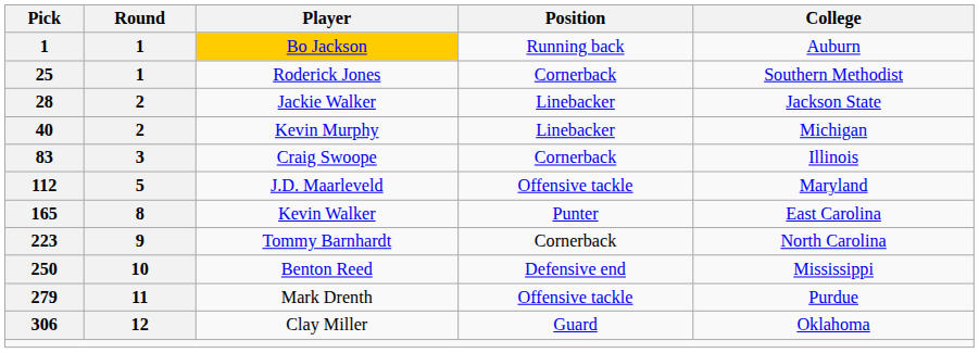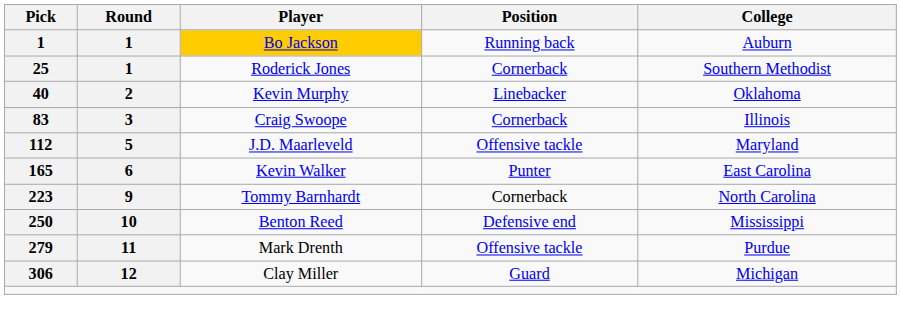 <table class="wikitable sortable" style="width: 100%; text-align:center;">
 <tr>
 <th>Pick</th>
 <th>Round</th>
 <th>Player</th>
 <th>Position</th>
 <th>College</th>
 </tr>
 <tr align=center>
 <th>1</th>
 <th>1</th>
 <td bgcolor="#FFCC00"><a href='#'>Bo Jackson</a></td>
 <td><a href='#'>Running back</a></td>
 <td><a href='#'>Auburn</a></td>
 </tr>
 <tr>
 <th>25</th>
 <th>1</th>
 <td><a href='#'>Roderick Jones</a></td>
 <td><a href='#'>Cornerback</a></td>
 <td><a href='#'>Southern Methodist</a></td>
 </tr>
 <tr>
-<th>28</th>
-<th>2</th>
-<td><a href='#'>Jackie Walker</a></td>
-<td><a href='#'>Linebacker</a></td>
-<td><a href='#'>Jackson State</a></td>
-</tr>
-<tr>
 <th>40</th>
 <th>2</th>
 <td><a href='#'>Kevin Murphy</a></td>
 <td><a href='#'>Linebacker</a></td>
-<td><a href='#'>Michigan</a></td>
+<td><a href='#'>Oklahoma</a></td>
 </tr>
 <tr>
 <th>83</th>
 <th>3</th>
 <td><a href='#'>Craig Swoope</a></td>
 <td><a href='#'>Cornerback</a></td>
 <td><a href='#'>Illinois</a></td>
 </tr>
 <tr>
 <th>112</th>
 <th>5</th>
 <td><a href='#'>J.D. Maarleveld</a></td>
 <td><a href='#'>Offensive tackle</a></td>
 <td><a href='#'>Maryland</a></td>
 </tr>
 <tr>
 <th>165</th>
-<th>8</th>
+<th>6</th>
 <td><a href='#'>Kevin Walker</a></td>
 <td><a href='#'>Punter</a></td>
 <td><a href='#'>East Carolina</a></td>
 </tr>
 <tr align=center>
 <th>223</th>
 <th>9</th>
 <td><a href='#'>Tommy Barnhardt</a></td>
 <td>Cornerback</td>
 <td><a href='#'>North Carolina</a></td>
 </tr>
 <tr align=center>
 <th>250</th>
 <th>10</th>
 <td><a href='#'>Benton Reed</a></td>
 <td><a href='#'>Defensive end</a></td>
 <td><a href='#'>Mississippi</a></td>
 </tr>
 <tr align=center>
 <th>279</th>
 <th>11</th>
 <td>Mark Drenth</td>
 <td><a href='#'>Offensive tackle</a></td>
 <td><a href='#'>Purdue</a></td>
 </tr>
 <tr align=center>
 <th>306</th>
 <th>12</th>
 <td>Clay Miller</td>
 <td><a href='#'>Guard</a></td>
-<td><a href='#'>Oklahoma</a></td>
+<td><a href='#'>Michigan</a></td>
 </tr>
 <tr style="text-align:left;">
 <td colspan="5"></td>
 </tr>
 </table>
